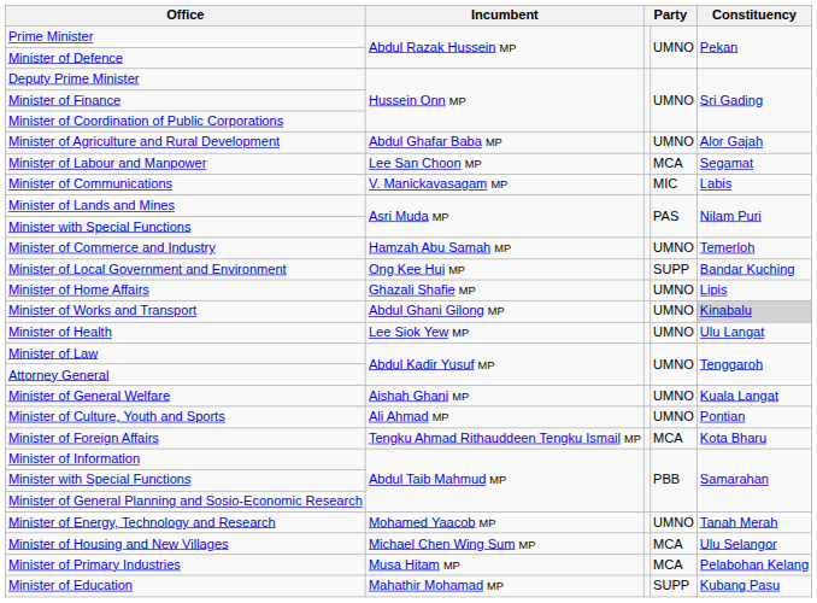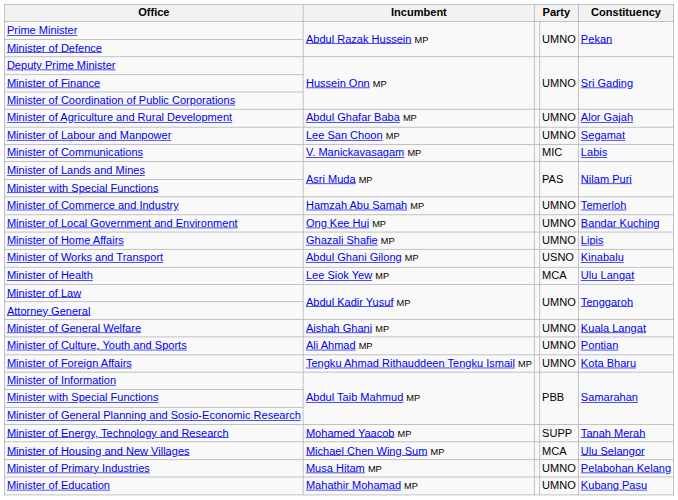 <table class="sortable wikitable">
 <tr>
 <th>Office</th>
 <th>Incumbent</th>
 <th colspan=2>Party</th>
 <th>Constituency</th>
 </tr>
 <tr>
 <td><a href='#'>Prime Minister</a></td>
 <td rowspan=2><a href='#'>Abdul Razak Hussein</a> <small>MP</small></td>
 <td rowspan=2></td>
 <td rowspan=2>UMNO</td>
 <td rowspan=2><a href='#'>Pekan</a></td>
 </tr>
 <tr>
 <td><a href='#'>Minister of Defence</a></td>
 </tr>
 <tr>
 <td><a href='#'>Deputy Prime Minister</a></td>
 <td rowspan=3><a href='#'>Hussein Onn</a> <small>MP</small></td>
 <td rowspan=3></td>
 <td rowspan=3>UMNO</td>
 <td rowspan=3><a href='#'>Sri Gading</a></td>
 </tr>
 <tr>
 <td><a href='#'>Minister of Finance</a></td>
 </tr>
 <tr>
 <td><a href='#'>Minister of Coordination of Public Corporations</a></td>
 </tr>
 <tr>
 <td><a href='#'>Minister of Agriculture and Rural Development</a></td>
 <td><a href='#'>Abdul Ghafar Baba</a> <small>MP</small></td>
 <td rowspan=1></td>
 <td>UMNO</td>
 <td><a href='#'>Alor Gajah</a></td>
 </tr>
 <tr>
 <td><a href='#'>Minister of Labour and Manpower</a></td>
 <td><a href='#'>Lee San Choon</a> <small>MP</small></td>
 <td rowspan=1></td>
-<td>MCA</td>
+<td>UMNO</td>
 <td><a href='#'>Segamat</a></td>
 </tr>
 <tr>
 <td><a href='#'>Minister of Communications</a></td>
 <td><a href='#'>V. Manickavasagam</a> <small>MP</small></td>
 <td rowspan=1></td>
 <td>MIC</td>
 <td><a href='#'>Labis</a></td>
 </tr>
 <tr>
 <td><a href='#'>Minister of Lands and Mines</a></td>
 <td rowspan=2><a href='#'>Asri Muda</a> <small>MP</small></td>
 <td rowspan=2></td>
 <td rowspan=2>PAS</td>
 <td rowspan=2><a href='#'>Nilam Puri</a></td>
 </tr>
 <tr>
 <td><a href='#'>Minister with Special Functions</a></td>
 </tr>
 <tr>
 <td><a href='#'>Minister of Commerce and Industry</a></td>
 <td><a href='#'>Hamzah Abu Samah</a> <small>MP</small></td>
 <td rowspan=1></td>
 <td>UMNO</td>
 <td><a href='#'>Temerloh</a></td>
 </tr>
 <tr>
 <td><a href='#'>Minister of Local Government and Environment</a></td>
 <td><a href='#'>Ong Kee Hui</a> <small>MP</small></td>
 <td rowspan=1></td>
-<td>SUPP</td>
+<td>UMNO</td>
 <td><a href='#'>Bandar Kuching</a></td>
 </tr>
 <tr>
 <td><a href='#'>Minister of Home Affairs</a></td>
 <td><a href='#'>Ghazali Shafie</a> <small>MP</small></td>
 <td rowspan=1></td>
 <td>UMNO</td>
 <td><a href='#'>Lipis</a></td>
 </tr>
 <tr>
 <td><a href='#'>Minister of Works and Transport</a></td>
 <td><a href='#'>Abdul Ghani Gilong</a> <small>MP</small></td>
 <td rowspan=1></td>
-<td>UMNO</td>
-<td style="background: lightgrey;"><a href='#'>Kinabalu</a></td>
+<td>USNO</td>
+<td><a href='#'>Kinabalu</a></td>
 </tr>
 <tr>
 <td><a href='#'>Minister of Health</a></td>
 <td><a href='#'>Lee Siok Yew</a> <small>MP</small></td>
 <td rowspan=1></td>
-<td>UMNO</td>
+<td>MCA</td>
 <td><a href='#'>Ulu Langat</a></td>
 </tr>
 <tr>
 <td><a href='#'>Minister of Law</a></td>
 <td rowspan=2><a href='#'>Abdul Kadir Yusuf</a> <small>MP</small></td>
 <td rowspan=2></td>
 <td rowspan=2>UMNO</td>
 <td rowspan=2><a href='#'>Tenggaroh</a></td>
 </tr>
 <tr>
 <td><a href='#'>Attorney General</a></td>
 </tr>
 <tr>
 <td><a href='#'>Minister of General Welfare</a></td>
 <td><a href='#'>Aishah Ghani</a> <small>MP</small></td>
 <td rowspan=1></td>
 <td>UMNO</td>
 <td><a href='#'>Kuala Langat</a></td>
 </tr>
 <tr>
 <td><a href='#'>Minister of Culture, Youth and Sports</a></td>
 <td><a href='#'>Ali Ahmad</a> <small>MP</small></td>
 <td rowspan=1></td>
 <td>UMNO</td>
 <td><a href='#'>Pontian</a></td>
 </tr>
 <tr>
 <td><a href='#'>Minister of Foreign Affairs</a></td>
 <td><a href='#'>Tengku Ahmad Rithauddeen Tengku Ismail</a> <small>MP</small></td>
 <td rowspan=1></td>
-<td>MCA</td>
+<td>UMNO</td>
 <td><a href='#'>Kota Bharu</a></td>
 </tr>
 <tr>
 <td><a href='#'>Minister of Information</a></td>
 <td rowspan=3><a href='#'>Abdul Taib Mahmud</a> <small>MP</small></td>
 <td rowspan=3></td>
 <td rowspan=3>PBB</td>
 <td rowspan=3><a href='#'>Samarahan</a></td>
 </tr>
 <tr>
 <td><a href='#'>Minister with Special Functions</a></td>
 </tr>
 <tr>
 <td><a href='#'>Minister of General Planning and Sosio-Economic Research</a></td>
 </tr>
 <tr>
 <td><a href='#'>Minister of Energy, Technology and Research</a></td>
 <td><a href='#'>Mohamed Yaacob</a> <small>MP</small></td>
 <td rowspan=1></td>
-<td>UMNO</td>
+<td>SUPP</td>
 <td><a href='#'>Tanah Merah</a></td>
 </tr>
 <tr>
 <td><a href='#'>Minister of Housing and New Villages</a></td>
 <td><a href='#'>Michael Chen Wing Sum</a> <small>MP</small></td>
 <td rowspan=1></td>
 <td>MCA</td>
 <td><a href='#'>Ulu Selangor</a></td>
 </tr>
 <tr>
 <td><a href='#'>Minister of Primary Industries</a></td>
 <td><a href='#'>Musa Hitam</a> <small>MP</small></td>
 <td rowspan=1></td>
-<td>MCA</td>
+<td>UMNO</td>
 <td><a href='#'>Pelabohan Kelang</a></td>
 </tr>
 <tr>
 <td><a href='#'>Minister of Education</a></td>
 <td><a href='#'>Mahathir Mohamad</a> <small>MP</small></td>
 <td rowspan=1></td>
-<td>SUPP</td>
+<td>UMNO</td>
 <td><a href='#'>Kubang Pasu</a></td>
 </tr>
 </table>
